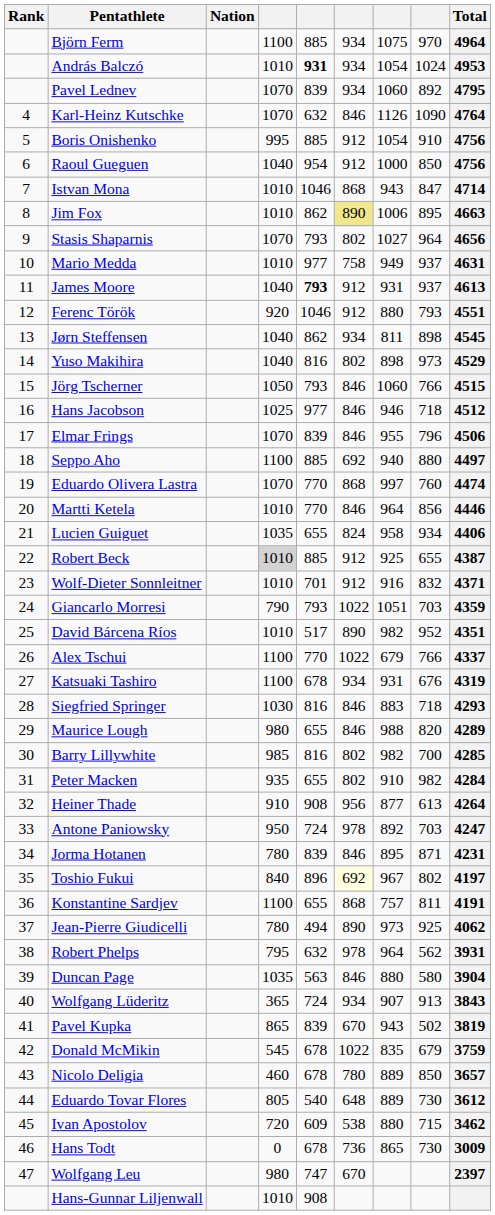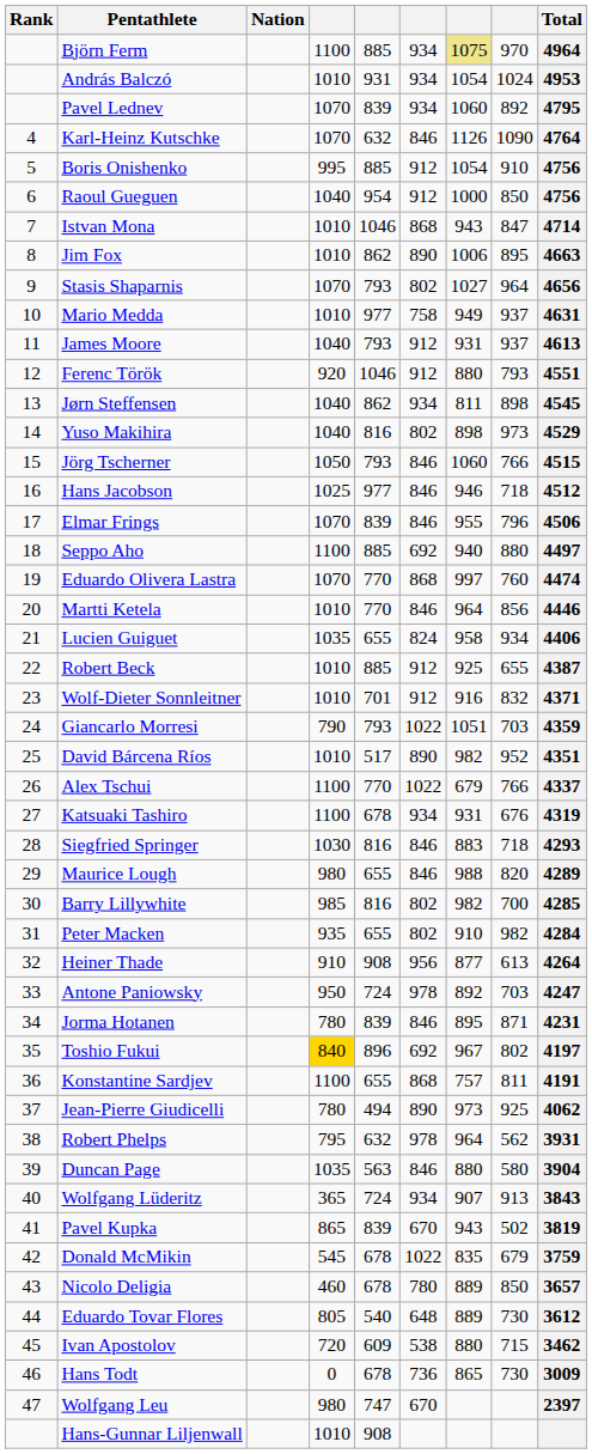 <table class="wikitable sortable" style="text-align:center">
 <tr>
 <th>Rank</th>
 <th>Pentathlete</th>
 <th>Nation</th>
 <th></th>
 <th></th>
 <th></th>
 <th></th>
 <th></th>
 <th>Total</th>
 </tr>
 <tr>
 <td></td>
 <td align=left data-sort-value="Ferm, Björn "><a href='#'>Björn Ferm</a></td>
 <td align=left></td>
 <td>1100</td>
 <td>885</td>
 <td>934</td>
-<td>1075</td>
+<td style="background: khaki;">1075</td>
 <td>970</td>
 <th>4964</th>
 </tr>
 <tr>
 <td></td>
 <td align=left data-sort-value="Balczó, András"><a href='#'>András Balczó</a></td>
 <td align=left></td>
 <td>1010</td>
-<td><strong>931</strong></td>
+<td>931</td>
 <td>934</td>
 <td>1054</td>
 <td>1024</td>
 <th>4953</th>
 </tr>
 <tr>
 <td></td>
 <td align=left data-sort-value="Lednev, Pavel"><a href='#'>Pavel Lednev</a></td>
 <td align=left></td>
 <td>1070</td>
 <td>839</td>
 <td>934</td>
 <td>1060</td>
 <td>892</td>
 <th>4795</th>
 </tr>
 <tr>
 <td>4</td>
 <td align=left data-sort-value="Kutschke, Karl-Heinz"><a href='#'>Karl-Heinz Kutschke</a></td>
 <td align=left></td>
 <td>1070</td>
 <td>632</td>
 <td>846</td>
 <td>1126</td>
 <td>1090</td>
 <th>4764</th>
 </tr>
 <tr>
 <td>5</td>
 <td align=left data-sort-value="Onishenko, Boris"><a href='#'>Boris Onishenko</a></td>
 <td align=left></td>
 <td>995</td>
 <td>885</td>
 <td>912</td>
 <td>1054</td>
 <td>910</td>
 <th>4756</th>
 </tr>
 <tr>
 <td>6</td>
 <td align=left data-sort-value="Gueguen, Raoul"><a href='#'>Raoul Gueguen</a></td>
 <td align=left></td>
 <td>1040</td>
 <td>954</td>
 <td>912</td>
 <td>1000</td>
 <td>850</td>
 <th>4756</th>
 </tr>
 <tr>
 <td>7</td>
 <td align=left data-sort-value="Mona, Istvan"><a href='#'>Istvan Mona</a></td>
 <td align=left></td>
 <td>1010</td>
 <td>1046</td>
 <td>868</td>
 <td>943</td>
 <td>847</td>
 <th>4714</th>
 </tr>
 <tr>
 <td>8</td>
 <td align=left data-sort-value="Fox, Jim"><a href='#'>Jim Fox</a></td>
 <td align=left></td>
 <td>1010</td>
 <td>862</td>
-<td style="background: khaki;">890</td>
+<td>890</td>
 <td>1006</td>
 <td>895</td>
 <th>4663</th>
 </tr>
 <tr>
 <td>9</td>
 <td align=left data-sort-value="Shaparnis, Stasis"><a href='#'>Stasis Shaparnis</a></td>
 <td align=left></td>
 <td>1070</td>
 <td>793</td>
 <td>802</td>
 <td>1027</td>
 <td>964</td>
 <th>4656</th>
 </tr>
 <tr>
 <td>10</td>
 <td align=left data-sort-value="Medda, Mario"><a href='#'>Mario Medda</a></td>
 <td align=left></td>
 <td>1010</td>
 <td>977</td>
 <td>758</td>
 <td>949</td>
 <td>937</td>
 <th>4631</th>
 </tr>
 <tr>
 <td>11</td>
 <td align=left data-sort-value="Moore, James"><a href='#'>James Moore</a></td>
 <td align=left></td>
 <td>1040</td>
-<td><strong>793</strong></td>
+<td>793</td>
 <td>912</td>
 <td>931</td>
 <td>937</td>
 <th>4613</th>
 </tr>
 <tr>
 <td>12</td>
 <td align=left data-sort-value="Török, Ference"><a href='#'>Ferenc Török</a></td>
 <td align=left></td>
 <td>920</td>
 <td>1046</td>
 <td>912</td>
 <td>880</td>
 <td>793</td>
 <th>4551</th>
 </tr>
 <tr>
 <td>13</td>
 <td align=left data-sort-value="Steffensen, Jørn"><a href='#'>Jørn Steffensen</a></td>
 <td align=left></td>
 <td>1040</td>
 <td>862</td>
 <td>934</td>
 <td>811</td>
 <td>898</td>
 <th>4545</th>
 </tr>
 <tr>
 <td>14</td>
 <td align=left data-sort-value="Makihira, Yuso"><a href='#'>Yuso Makihira</a></td>
 <td align=left></td>
 <td>1040</td>
 <td>816</td>
 <td>802</td>
 <td>898</td>
 <td>973</td>
 <th>4529</th>
 </tr>
 <tr>
 <td>15</td>
 <td align=left data-sort-value="Tscherner, Jörg"><a href='#'>Jörg Tscherner</a></td>
 <td align=left></td>
 <td>1050</td>
 <td>793</td>
 <td>846</td>
 <td>1060</td>
 <td>766</td>
 <th>4515</th>
 </tr>
 <tr>
 <td>16</td>
 <td align=left data-sort-value="Jacobson, Hans"><a href='#'>Hans Jacobson</a></td>
 <td align=left></td>
 <td>1025</td>
 <td>977</td>
 <td>846</td>
 <td>946</td>
 <td>718</td>
 <th>4512</th>
 </tr>
 <tr>
 <td>17</td>
 <td align=left data-sort-value="Frings, Elmar"><a href='#'>Elmar Frings</a></td>
 <td align=left></td>
 <td>1070</td>
 <td>839</td>
 <td>846</td>
 <td>955</td>
 <td>796</td>
 <th>4506</th>
 </tr>
 <tr>
 <td>18</td>
 <td align=left data-sort-value="Aho, Seppo"><a href='#'>Seppo Aho</a></td>
 <td align=left></td>
 <td>1100</td>
 <td>885</td>
 <td>692</td>
 <td>940</td>
 <td>880</td>
 <th>4497</th>
 </tr>
 <tr>
 <td>19</td>
 <td align=left data-sort-value="Olivera Lastra, Eduardo"><a href='#'>Eduardo Olivera Lastra</a></td>
 <td align=left></td>
 <td>1070</td>
 <td>770</td>
 <td>868</td>
 <td>997</td>
 <td>760</td>
 <th>4474</th>
 </tr>
 <tr>
 <td>20</td>
 <td align=left data-sort-value="Ketela, Martti"><a href='#'>Martti Ketela</a></td>
 <td align=left></td>
 <td>1010</td>
 <td>770</td>
 <td>846</td>
 <td>964</td>
 <td>856</td>
 <th>4446</th>
 </tr>
 <tr>
 <td>21</td>
 <td align=left data-sort-value="Guiguet, Lucien"><a href='#'>Lucien Guiguet</a></td>
 <td align=left></td>
 <td>1035</td>
 <td>655</td>
 <td>824</td>
 <td>958</td>
 <td>934</td>
 <th>4406</th>
 </tr>
 <tr>
 <td>22</td>
 <td align=left data-sort-value="Beck, Robert"><a href='#'>Robert Beck</a></td>
 <td align=left></td>
-<td style="background: lightgrey;">1010</td>
+<td>1010</td>
 <td>885</td>
 <td>912</td>
 <td>925</td>
 <td>655</td>
 <th>4387</th>
 </tr>
 <tr>
 <td>23</td>
 <td align=left data-sort-value="Sonnleitner, Wolf-Dieter"><a href='#'>Wolf-Dieter Sonnleitner</a></td>
 <td align=left></td>
 <td>1010</td>
 <td>701</td>
 <td>912</td>
 <td>916</td>
 <td>832</td>
 <th>4371</th>
 </tr>
 <tr>
 <td>24</td>
 <td align=left data-sort-value="Morresi, Giancarlo"><a href='#'>Giancarlo Morresi</a></td>
 <td align=left></td>
 <td>790</td>
 <td>793</td>
 <td>1022</td>
 <td>1051</td>
 <td>703</td>
 <th>4359</th>
 </tr>
 <tr>
 <td>25</td>
 <td align=left data-sort-value="Bárcena Ríos, David"><a href='#'>David Bárcena Ríos</a></td>
 <td align=left></td>
 <td>1010</td>
 <td>517</td>
 <td>890</td>
 <td>982</td>
 <td>952</td>
 <th>4351</th>
 </tr>
 <tr>
 <td>26</td>
 <td align=left data-sort-value="Tschui, Alex"><a href='#'>Alex Tschui</a></td>
 <td align=left></td>
 <td>1100</td>
 <td>770</td>
 <td>1022</td>
 <td>679</td>
 <td>766</td>
 <th>4337</th>
 </tr>
 <tr>
 <td>27</td>
 <td align=left data-sort-value="Tashiro, Katsuaki"><a href='#'>Katsuaki Tashiro</a></td>
 <td align=left></td>
 <td>1100</td>
 <td>678</td>
 <td>934</td>
 <td>931</td>
 <td>676</td>
 <th>4319</th>
 </tr>
 <tr>
 <td>28</td>
 <td align=left data-sort-value="Springer, Siegfried"><a href='#'>Siegfried Springer</a></td>
 <td align=left></td>
 <td>1030</td>
 <td>816</td>
 <td>846</td>
 <td>883</td>
 <td>718</td>
 <th>4293</th>
 </tr>
 <tr>
 <td>29</td>
 <td align=left data-sort-value="Lough, Maurice"><a href='#'>Maurice Lough</a></td>
 <td align=left></td>
 <td>980</td>
 <td>655</td>
 <td>846</td>
 <td>988</td>
 <td>820</td>
 <th>4289</th>
 </tr>
 <tr>
 <td>30</td>
 <td align=left data-sort-value="Lillywhite, Barry"><a href='#'>Barry Lillywhite</a></td>
 <td align=left></td>
 <td>985</td>
 <td>816</td>
 <td>802</td>
 <td>982</td>
 <td>700</td>
 <th>4285</th>
 </tr>
 <tr>
 <td>31</td>
 <td align=left data-sort-value="Macken, Peter"><a href='#'>Peter Macken</a></td>
 <td align=left></td>
 <td>935</td>
 <td>655</td>
 <td>802</td>
 <td>910</td>
 <td>982</td>
 <th>4284</th>
 </tr>
 <tr>
 <td>32</td>
 <td align=left data-sort-value="Thade, Heiner"><a href='#'>Heiner Thade</a></td>
 <td align=left></td>
 <td>910</td>
 <td>908</td>
 <td>956</td>
 <td>877</td>
 <td>613</td>
 <th>4264</th>
 </tr>
 <tr>
 <td>33</td>
 <td align=left data-sort-value="Paniowsky, Antone"><a href='#'>Antone Paniowsky</a></td>
 <td align=left></td>
 <td>950</td>
 <td>724</td>
 <td>978</td>
 <td>892</td>
 <td>703</td>
 <th>4247</th>
 </tr>
 <tr>
 <td>34</td>
 <td align=left data-sort-value="Hotanen, Jorma"><a href='#'>Jorma Hotanen</a></td>
 <td align=left></td>
 <td>780</td>
 <td>839</td>
 <td>846</td>
 <td>895</td>
 <td>871</td>
 <th>4231</th>
 </tr>
 <tr>
 <td>35</td>
 <td align=left data-sort-value="Fukui, Toshio"><a href='#'>Toshio Fukui</a></td>
 <td align=left></td>
-<td>840</td>
+<td style="background: gold;">840</td>
 <td>896</td>
-<td style="background: lightyellow;">692</td>
+<td>692</td>
 <td>967</td>
 <td>802</td>
 <th>4197</th>
 </tr>
 <tr>
 <td>36</td>
 <td align=left data-sort-value="Sardjev, Konstantine"><a href='#'>Konstantine Sardjev</a></td>
 <td align=left></td>
 <td>1100</td>
 <td>655</td>
 <td>868</td>
 <td>757</td>
 <td>811</td>
 <th>4191</th>
 </tr>
 <tr>
 <td>37</td>
 <td align=left data-sort-value="Giudicelli, Jean-Pierre"><a href='#'>Jean-Pierre Giudicelli</a></td>
 <td align=left></td>
 <td>780</td>
 <td>494</td>
 <td>890</td>
 <td>973</td>
 <td>925</td>
 <th>4062</th>
 </tr>
 <tr>
 <td>38</td>
 <td align=left data-sort-value="Phelps, Robert"><a href='#'>Robert Phelps</a></td>
 <td align=left></td>
 <td>795</td>
 <td>632</td>
 <td>978</td>
 <td>964</td>
 <td>562</td>
 <th>3931</th>
 </tr>
 <tr>
 <td>39</td>
 <td align=left data-sort-value="Page, Duncan"><a href='#'>Duncan Page</a></td>
 <td align=left></td>
 <td>1035</td>
 <td>563</td>
 <td>846</td>
 <td>880</td>
 <td>580</td>
 <th>3904</th>
 </tr>
 <tr>
 <td>40</td>
 <td align=left data-sort-value="Lüderitz, Wolfgang"><a href='#'>Wolfgang Lüderitz</a></td>
 <td align=left></td>
 <td>365</td>
 <td>724</td>
 <td>934</td>
 <td>907</td>
 <td>913</td>
 <th>3843</th>
 </tr>
 <tr>
 <td>41</td>
 <td align=left data-sort-value="Kupka, Pavel"><a href='#'>Pavel Kupka</a></td>
 <td align=left></td>
 <td>865</td>
 <td>839</td>
 <td>670</td>
 <td>943</td>
 <td>502</td>
 <th>3819</th>
 </tr>
 <tr>
 <td>42</td>
 <td align=left data-sort-value="McMikin, Donald"><a href='#'>Donald McMikin</a></td>
 <td align=left></td>
 <td>545</td>
 <td>678</td>
 <td>1022</td>
 <td>835</td>
 <td>679</td>
 <th>3759</th>
 </tr>
 <tr>
 <td>43</td>
 <td align=left data-sort-value="Deligia, Nicolo"><a href='#'>Nicolo Deligia</a></td>
 <td align=left></td>
 <td>460</td>
 <td>678</td>
 <td>780</td>
 <td>889</td>
 <td>850</td>
 <th>3657</th>
 </tr>
 <tr>
 <td>44</td>
 <td align=left data-sort-value="Tovar Flores, Eduardo"><a href='#'>Eduardo Tovar Flores</a></td>
 <td align=left></td>
 <td>805</td>
 <td>540</td>
 <td>648</td>
 <td>889</td>
 <td>730</td>
 <th>3612</th>
 </tr>
 <tr>
 <td>45</td>
 <td align=left data-sort-value="Apostolov, Ivan"><a href='#'>Ivan Apostolov</a></td>
 <td align=left></td>
 <td>720</td>
 <td>609</td>
 <td>538</td>
 <td>880</td>
 <td>715</td>
 <th>3462</th>
 </tr>
 <tr>
 <td>46</td>
 <td align=left data-sort-value="Todt, Hans"><a href='#'>Hans Todt</a></td>
 <td align=left></td>
 <td>0</td>
 <td>678</td>
 <td>736</td>
 <td>865</td>
 <td>730</td>
 <th>3009</th>
 </tr>
 <tr>
 <td>47</td>
 <td align=left data-sort-value="Leu, Wolfgang"><a href='#'>Wolfgang Leu</a></td>
 <td align=left></td>
 <td>980</td>
 <td>747</td>
 <td>670</td>
 <td></td>
 <td></td>
 <th>2397</th>
 </tr>
 <tr>
 <td></td>
 <td align=left data-sort-value="Liljenwall, Hans-Gunnar"><a href='#'>Hans-Gunnar Liljenwall</a></td>
 <td align=left></td>
 <td>1010</td>
 <td>908</td>
 <td></td>
 <td></td>
 <td></td>
 <th></th>
 </tr>
 </table>
